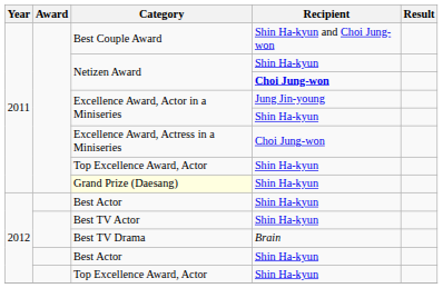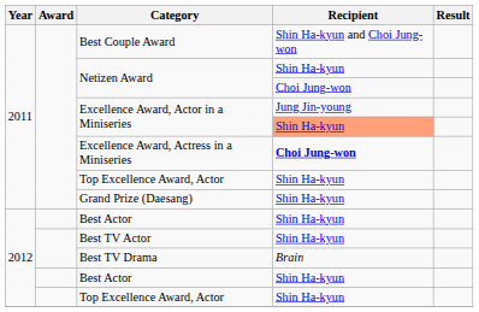 <table class="wikitable">
 <tr>
 <th>Year</th>
 <th>Award</th>
 <th>Category</th>
 <th>Recipient</th>
 <th>Result</th>
 </tr>
 <tr>
 <td rowspan=8>2011</td>
 <td rowspan=8></td>
 <td>Best Couple Award</td>
 <td><a href='#'>Shin Ha-kyun</a> and <a href='#'>Choi Jung-won</a></td>
 <td></td>
 </tr>
 <tr>
 <td rowspan=2>Netizen Award</td>
 <td><a href='#'>Shin Ha-kyun</a></td>
 <td></td>
 </tr>
 <tr>
-<td><strong><a href='#'>Choi Jung-won</a></strong></td>
+<td><a href='#'>Choi Jung-won</a></td>
 <td></td>
 </tr>
 <tr>
 <td rowspan=2>Excellence Award, Actor in a Miniseries</td>
 <td><a href='#'>Jung Jin-young</a></td>
 <td></td>
 </tr>
 <tr>
-<td><a href='#'>Shin Ha-kyun</a></td>
+<td style="background: lightsalmon;"><a href='#'>Shin Ha-kyun</a></td>
 <td></td>
 </tr>
 <tr>
 <td>Excellence Award, Actress in a Miniseries</td>
-<td><a href='#'>Choi Jung-won</a></td>
+<td><strong><a href='#'>Choi Jung-won</a></strong></td>
 <td></td>
 </tr>
 <tr>
 <td>Top Excellence Award, Actor</td>
 <td><a href='#'>Shin Ha-kyun</a></td>
 <td></td>
 </tr>
 <tr>
-<td style="background: lightyellow;">Grand Prize (Daesang)</td>
+<td>Grand Prize (Daesang)</td>
 <td><a href='#'>Shin Ha-kyun</a></td>
 <td></td>
 </tr>
 <tr>
 <td rowspan=5>2012</td>
 <td></td>
 <td>Best Actor</td>
 <td><a href='#'>Shin Ha-kyun</a></td>
 <td></td>
 </tr>
 <tr>
 <td rowspan=2></td>
 <td>Best TV Actor</td>
 <td><a href='#'>Shin Ha-kyun</a></td>
 <td></td>
 </tr>
 <tr>
 <td>Best TV Drama</td>
 <td><em>Brain</em></td>
 <td></td>
 </tr>
 <tr>
 <td></td>
 <td>Best Actor</td>
 <td><a href='#'>Shin Ha-kyun</a></td>
 <td></td>
 </tr>
 <tr>
 <td></td>
 <td>Top Excellence Award, Actor</td>
 <td><a href='#'>Shin Ha-kyun</a></td>
 <td></td>
 </tr>
 <tr>
 </tr>
 </table>
